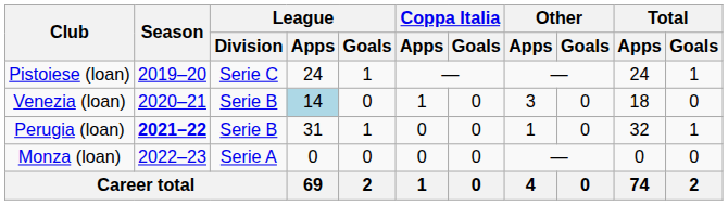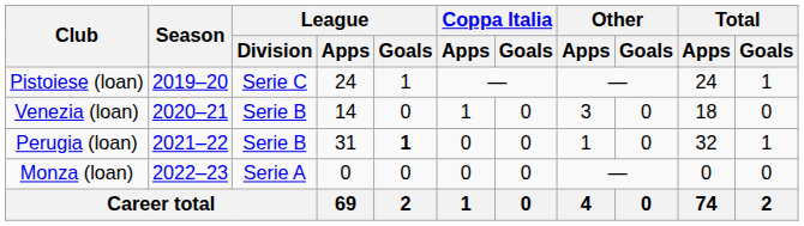 <table class="wikitable" style="text-align:center">
 <tr>
 <th rowspan="2">Club</th>
 <th rowspan="2">Season</th>
 <th colspan="3">League</th>
 <th colspan="2"><a href='#'>Coppa Italia</a></th>
 <th colspan="2">Other</th>
 <th colspan="2">Total</th>
 </tr>
 <tr>
 <th>Division</th>
 <th>Apps</th>
 <th>Goals</th>
 <th>Apps</th>
 <th>Goals</th>
 <th>Apps</th>
 <th>Goals</th>
 <th>Apps</th>
 <th>Goals</th>
 </tr>
 <tr>
 <td><a href='#'>Pistoiese</a> (loan)</td>
 <td><a href='#'>2019–20</a></td>
 <td><a href='#'>Serie C</a></td>
 <td>24</td>
 <td>1</td>
 <td colspan="2">—</td>
 <td colspan="2">—</td>
 <td>24</td>
 <td>1</td>
 </tr>
 <tr>
 <td><a href='#'>Venezia</a> (loan)</td>
 <td><a href='#'>2020–21</a></td>
 <td><a href='#'>Serie B</a></td>
-<td style="background: lightblue;">14</td>
+<td>14</td>
 <td>0</td>
 <td>1</td>
 <td>0</td>
 <td>3</td>
 <td>0</td>
 <td>18</td>
 <td>0</td>
 </tr>
 <tr>
 <td><a href='#'>Perugia</a> (loan)</td>
-<td><strong><a href='#'>2021–22</a></strong></td>
+<td><a href='#'>2021–22</a></td>
 <td><a href='#'>Serie B</a></td>
 <td>31</td>
-<td>1</td>
+<td><strong>1</strong></td>
 <td>0</td>
 <td>0</td>
 <td>1</td>
 <td>0</td>
 <td>32</td>
 <td>1</td>
 </tr>
 <tr>
 <td><a href='#'>Monza</a> (loan)</td>
 <td><a href='#'>2022–23</a></td>
 <td><a href='#'>Serie A</a></td>
 <td>0</td>
 <td>0</td>
 <td>0</td>
 <td>0</td>
 <td colspan="2">—</td>
 <td>0</td>
 <td>0</td>
 </tr>
 <tr>
 <th colspan="3">Career total</th>
 <th>69</th>
 <th>2</th>
 <th>1</th>
 <th>0</th>
 <th>4</th>
 <th>0</th>
 <th>74</th>
 <th>2</th>
 </tr>
 </table>
